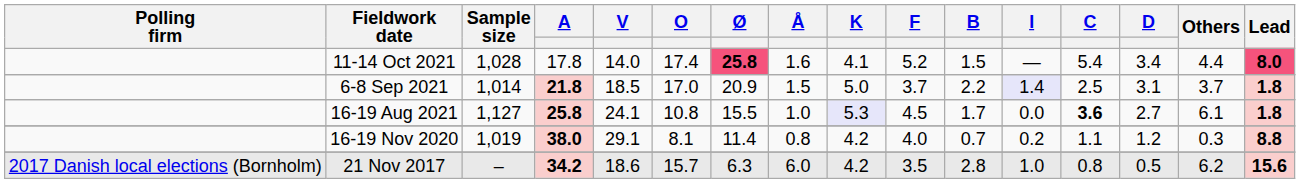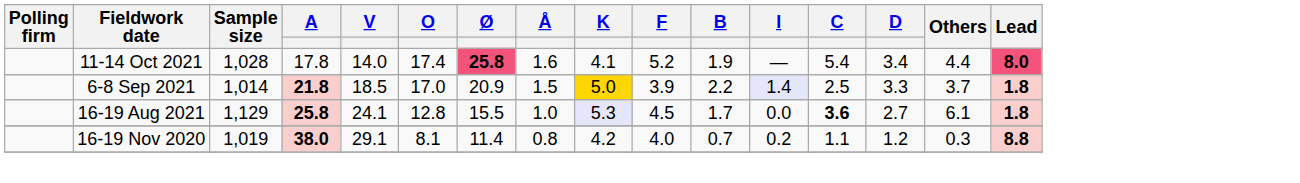 <table class="wikitable sortable mw-datatable" style="text-align:center;font-size:90%;line-height:14px;">
 <tr>
 <th rowspan="2">Polling<br>firm</th>
 <th rowspan="2">Fieldwork<br>date</th>
 <th rowspan="2">Sample<br>size</th>
 <th class="unsortable" style="width:40px;"><a href='#'>A</a></th>
 <th class="unsortable" style="width:40px;"><a href='#'>V</a></th>
 <th class="unsortable" style="width:40px;"><a href='#'>O</a></th>
 <th class="unsortable" style="width:40px;"><a href='#'>Ø</a></th>
 <th class="unsortable" style="width:40px;"><a href='#'>Å</a></th>
 <th class="unsortable" style="width:40px;"><a href='#'>K</a></th>
 <th class="unsortable" style="width:40px;"><a href='#'>F</a></th>
 <th class="unsortable" style="width:40px;"><a href='#'>B</a></th>
 <th class="unsortable" style="width:40px;"><a href='#'>I</a></th>
 <th class="unsortable" style="width:40px;"><a href='#'>C</a></th>
 <th class="unsortable" style="width:40px;"><a href='#'>D</a></th>
 <th class="unsortable" style="width:40px;" rowspan="2">Others</th>
 <th rowspan="2">Lead</th>
 </tr>
 <tr>
 <th data-sort-type="number" style="background:"></th>
 <th data-sort-type="number" style="background:"></th>
 <th data-sort-type="number" style="background:"></th>
 <th data-sort-type="number" style="background:"></th>
 <th data-sort-type="number" style="background:"></th>
 <th data-sort-type="number" style="background:"></th>
 <th data-sort-type="number" style="background:"></th>
 <th data-sort-type="number" style="background:"></th>
 <th data-sort-type="number" style="background:"></th>
 <th data-sort-type="number" style="background:"></th>
 <th data-sort-type="number" style="background:"></th>
 </tr>
 <tr>
 <td></td>
 <td>11-14 Oct 2021</td>
 <td>1,028</td>
 <td>17.8</td>
 <td>14.0</td>
 <td>17.4</td>
 <td style="background:#F5537C;"><strong>25.8</strong></td>
 <td>1.6</td>
 <td>4.1</td>
 <td>5.2</td>
-<td>1.5</td>
+<td>1.9</td>
 <td>—</td>
 <td>5.4</td>
 <td>3.4</td>
 <td>4.4</td>
 <td style="background:#F5537C;"><strong>8.0</strong></td>
 </tr>
 <tr>
 </tr>
 <tr>
 <td></td>
 <td>6-8 Sep 2021</td>
 <td>1,014</td>
 <td style="background:#FACECD;"><strong>21.8</strong></td>
 <td>18.5</td>
 <td>17.0</td>
 <td>20.9</td>
 <td>1.5</td>
-<td>5.0</td>
-<td>3.7</td>
+<td style="background: gold;">5.0</td>
+<td>3.9</td>
 <td>2.2</td>
 <td style="background: lavender;">1.4</td>
 <td>2.5</td>
-<td>3.1</td>
+<td>3.3</td>
 <td>3.7</td>
 <td style="background:#FACECD;"><strong>1.8</strong></td>
 </tr>
 <tr>
 </tr>
 <tr>
 <td></td>
 <td>16-19 Aug 2021</td>
-<td>1,127</td>
+<td>1,129</td>
 <td style="background:#FACECD;"><strong>25.8</strong></td>
 <td>24.1</td>
-<td>10.8</td>
+<td>12.8</td>
 <td>15.5</td>
 <td>1.0</td>
 <td style="background: lavender;">5.3</td>
 <td>4.5</td>
 <td>1.7</td>
 <td>0.0</td>
 <td><strong>3.6</strong></td>
 <td>2.7</td>
 <td>6.1</td>
 <td style="background:#FACECD;"><strong>1.8</strong></td>
 </tr>
 <tr>
 </tr>
 <tr>
 <td></td>
 <td>16-19 Nov 2020</td>
 <td>1,019</td>
 <td style="background:#FACECD;"><strong>38.0</strong></td>
 <td>29.1</td>
 <td>8.1</td>
 <td>11.4</td>
 <td>0.8</td>
 <td>4.2</td>
 <td>4.0</td>
 <td>0.7</td>
 <td>0.2</td>
 <td>1.1</td>
 <td>1.2</td>
 <td>0.3</td>
 <td style="background:#FACECD;"><strong>8.8</strong></td>
 </tr>
 <tr>
 </tr>
-<tr>
-<td style="background:#E9E9E9;"><a href='#'>2017 Danish local elections</a> (Bornholm)</td>
-<td style="background:#E9E9E9;" data-sort-value="2017-11-21">21 Nov 2017</td>
-<td style="background:#E9E9E9;">–</td>
-<td style="background:#FACECD;"><strong>34.2</strong></td>
-<td style="background:#E9E9E9;">18.6</td>
-<td style="background:#E9E9E9;">15.7</td>
-<td style="background:#E9E9E9;">6.3</td>
-<td style="background:#E9E9E9;">6.0</td>
-<td style="background:#E9E9E9;">4.2</td>
-<td style="background:#E9E9E9;">3.5</td>
-<td style="background:#E9E9E9;">2.8</td>
-<td style="background:#E9E9E9;">1.0</td>
-<td style="background:#E9E9E9;">0.8</td>
-<td style="background:#E9E9E9;">0.5</td>
-<td style="background:#E9E9E9;">6.2</td>
-<td style="background:#FACECD;"><strong>15.6</strong></td>
-</tr>
 </table>
